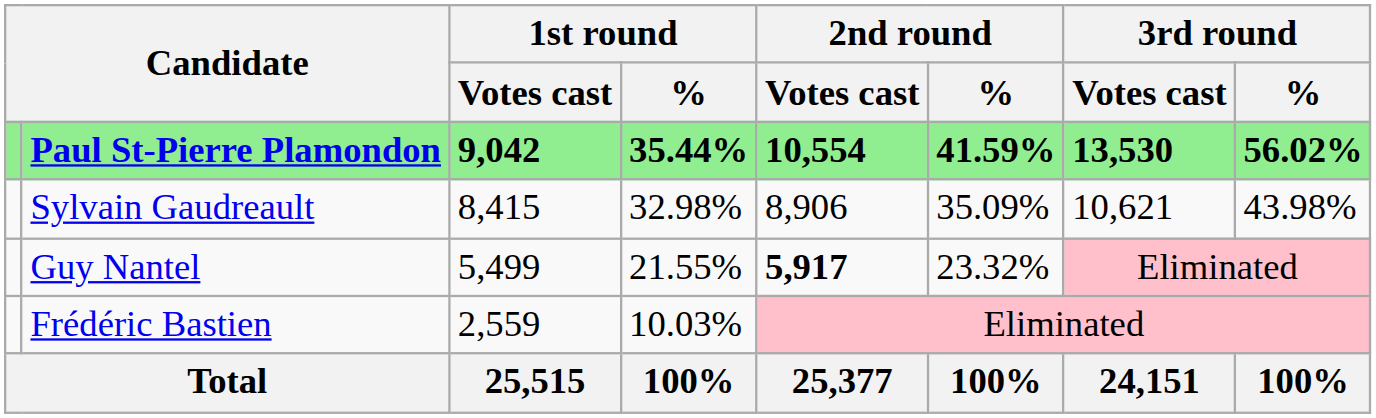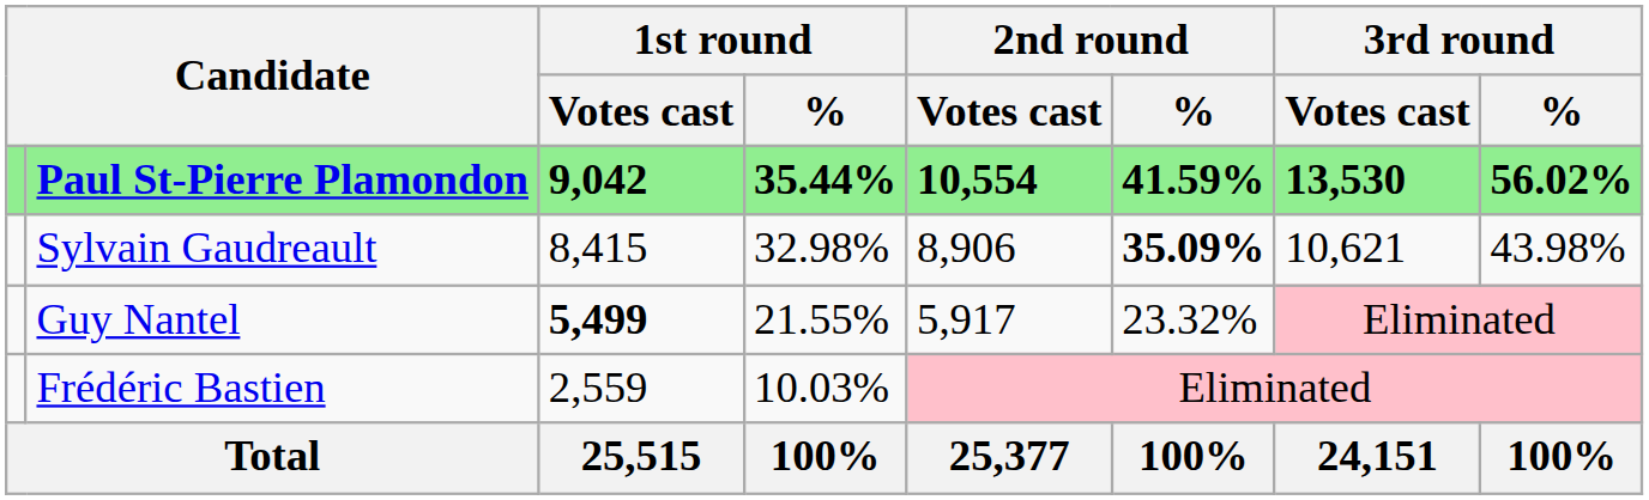 <table class="wikitable">
 <tr>
 <th rowspan="2" colspan="2">Candidate</th>
 <th colspan="2">1st round</th>
 <th colspan="2">2nd round</th>
 <th colspan="2">3rd round</th>
 </tr>
 <tr>
 <th>Votes cast</th>
 <th>%</th>
 <th>Votes cast</th>
 <th>%</th>
 <th>Votes cast</th>
 <th>%</th>
 </tr>
 <tr style="background:lightgreen;">
 <td></td>
 <td><strong><a href='#'>Paul St-Pierre Plamondon</a></strong></td>
 <td><strong>9,042</strong></td>
 <td><strong>35.44%</strong></td>
 <td><strong>10,554</strong></td>
 <td><strong>41.59%</strong></td>
 <td><strong>13,530</strong></td>
 <td><strong>56.02%</strong></td>
 </tr>
 <tr>
 <td></td>
 <td><a href='#'>Sylvain Gaudreault</a></td>
 <td>8,415</td>
 <td>32.98%</td>
 <td>8,906</td>
-<td>35.09%</td>
+<td><strong>35.09%</strong></td>
 <td>10,621</td>
 <td>43.98%</td>
 </tr>
 <tr>
 <td></td>
 <td><a href='#'>Guy Nantel</a></td>
-<td>5,499</td>
+<td><strong>5,499</strong></td>
 <td>21.55%</td>
-<td><strong>5,917</strong></td>
+<td>5,917</td>
 <td>23.32%</td>
 <td colspan="2" style="background:pink; text-align:center">Eliminated</td>
 </tr>
 <tr>
 <td></td>
 <td><a href='#'>Frédéric Bastien</a></td>
 <td>2,559</td>
 <td>10.03%</td>
 <td colspan="4" style="background:pink; text-align:center">Eliminated</td>
 </tr>
 <tr>
 <th colspan="2">Total</th>
 <th align="right">25,515</th>
 <th align="right">100%</th>
 <th align="right">25,377</th>
 <th align="right">100%</th>
 <th align="right">24,151</th>
 <th align="right">100%</th>
 </tr>
 </table>
